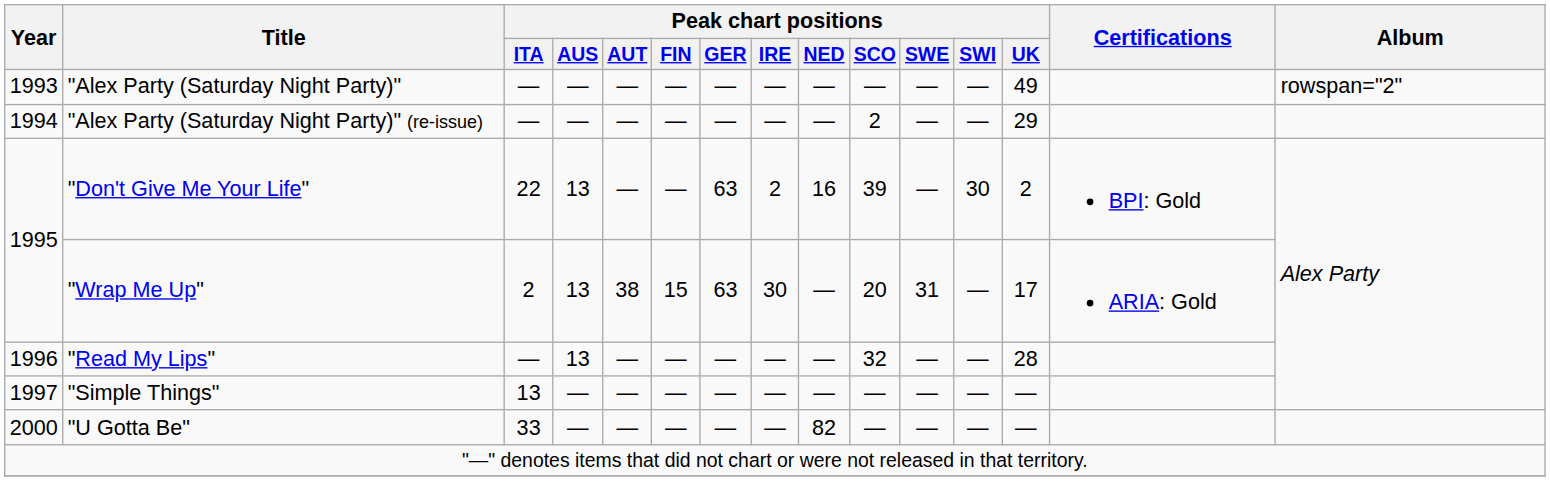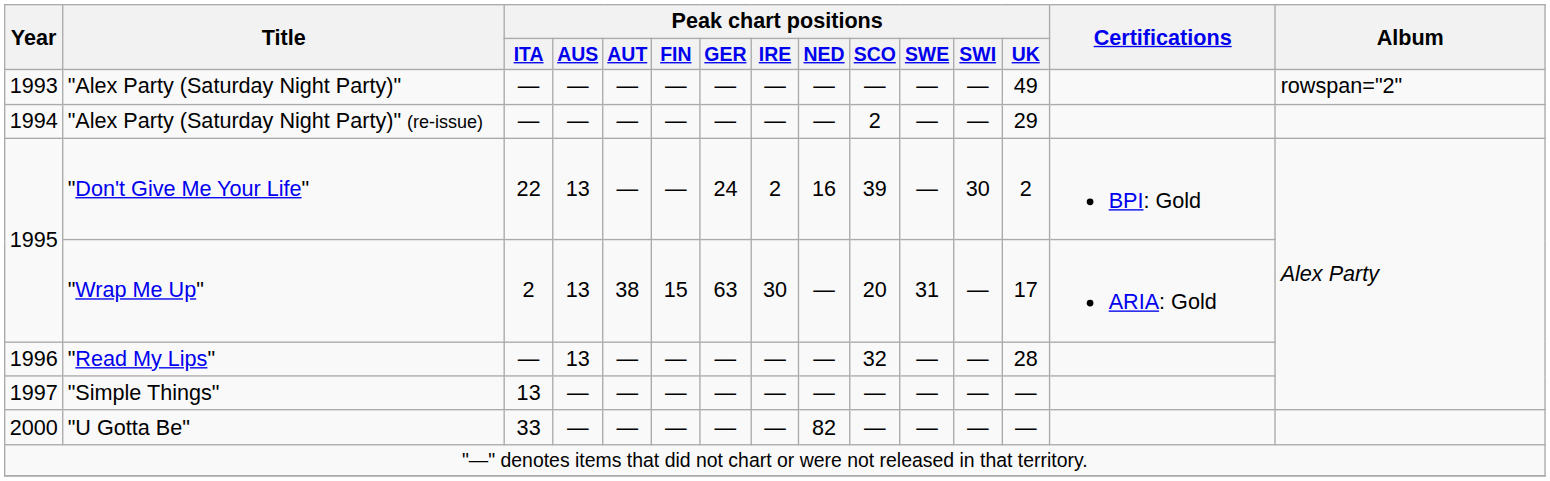 <table class="wikitable">
 <tr>
 <th rowspan="2" style="width:2em;">Year</th>
 <th rowspan="2" style="width:20em;">Title</th>
 <th colspan="11">Peak chart positions</th>
 <th rowspan="2" style="width:10em;"><a href='#'>Certifications</a></th>
 <th rowspan="2" style="width:12em;">Album</th>
 </tr>
 <tr>
 <th style="width:2em;font-size:90%;"><a href='#'>ITA</a><br></th>
 <th style="width:2em;font-size:90%;"><a href='#'>AUS</a><br></th>
 <th style="width:2em;font-size:90%;"><a href='#'>AUT</a><br></th>
 <th style="width:2em;font-size:90%;"><a href='#'>FIN</a><br></th>
 <th style="width:2em;font-size:90%;"><a href='#'>GER</a><br></th>
 <th style="width:2em;font-size:90%;"><a href='#'>IRE</a><br></th>
 <th style="width:2em;font-size:90%;"><a href='#'>NED</a><br></th>
 <th style="width:2em;font-size:90%;"><a href='#'>SCO</a><br></th>
 <th style="width:2em;font-size:90%;"><a href='#'>SWE</a><br></th>
 <th style="width:2em;font-size:90%;"><a href='#'>SWI</a><br></th>
 <th style="width:2em;font-size:90%;"><a href='#'>UK</a><br></th>
 </tr>
 <tr>
 <td>1993</td>
 <td>"Alex Party (Saturday Night Party)"</td>
 <td align="center">—</td>
 <td align="center">—</td>
 <td align="center">—</td>
 <td align="center">—</td>
 <td align="center">—</td>
 <td align="center">—</td>
 <td align="center">—</td>
 <td align="center">—</td>
 <td align="center">—</td>
 <td align="center">—</td>
 <td align="center">49</td>
 <td></td>
 <td>rowspan="2" </td>
 </tr>
 <tr>
 <td>1994</td>
 <td>"Alex Party (Saturday Night Party)" <small>(re-issue)</small></td>
 <td align="center">—</td>
 <td align="center">—</td>
 <td align="center">—</td>
 <td align="center">—</td>
 <td align="center">—</td>
 <td align="center">—</td>
 <td align="center">—</td>
 <td align="center">2</td>
 <td align="center">—</td>
 <td align="center">—</td>
 <td align="center">29</td>
 <td></td>
 </tr>
 <tr>
 <td rowspan="2">1995</td>
 <td>"<a href='#'>Don't Give Me Your Life</a>"</td>
 <td align="center">22</td>
 <td align="center">13</td>
 <td align="center">—</td>
 <td align="center">—</td>
-<td align="center">63</td>
+<td align="center">24</td>
 <td align="center">2</td>
 <td align="center">16</td>
 <td align="center">39</td>
 <td align="center">—</td>
 <td align="center">30</td>
 <td align="center">2</td>
 <td><br><ul><li><a href='#'>BPI</a>: Gold</li></ul></td>
 <td align="left" rowspan="4"><em>Alex Party</em></td>
 </tr>
 <tr>
 <td>"<a href='#'>Wrap Me Up</a>"</td>
 <td align="center">2</td>
 <td align="center">13</td>
 <td align="center">38</td>
 <td align="center">15</td>
 <td align="center">63</td>
 <td align="center">30</td>
 <td align="center">—</td>
 <td align="center">20</td>
 <td align="center">31</td>
 <td align="center">—</td>
 <td align="center">17</td>
 <td><br><ul><li><a href='#'>ARIA</a>: Gold</li></ul></td>
 </tr>
 <tr>
 <td>1996</td>
 <td>"<a href='#'>Read My Lips</a>"</td>
 <td align="center">—</td>
 <td align="center">13</td>
 <td align="center">—</td>
 <td align="center">—</td>
 <td align="center">—</td>
 <td align="center">—</td>
 <td align="center">—</td>
 <td align="center">32</td>
 <td align="center">—</td>
 <td align="center">—</td>
 <td align="center">28</td>
 <td></td>
 </tr>
 <tr>
 <td>1997</td>
 <td>"Simple Things"</td>
 <td align="center">13</td>
 <td align="center">—</td>
 <td align="center">—</td>
 <td align="center">—</td>
 <td align="center">—</td>
 <td align="center">—</td>
 <td align="center">—</td>
 <td align="center">—</td>
 <td align="center">—</td>
 <td align="center">—</td>
 <td align="center">—</td>
 <td></td>
 </tr>
 <tr>
 <td>2000</td>
 <td>"U Gotta Be"</td>
 <td align="center">33</td>
 <td align="center">—</td>
 <td align="center">—</td>
 <td align="center">—</td>
 <td align="center">—</td>
 <td align="center">—</td>
 <td align="center">82</td>
 <td align="center">—</td>
 <td align="center">—</td>
 <td align="center">—</td>
 <td align="center">—</td>
 <td></td>
 <td></td>
 </tr>
 <tr>
 <td align="center" colspan="15" style="font-size:90%">"—" denotes items that did not chart or were not released in that territory.</td>
 </tr>
 <tr>
 </tr>
 </table>
